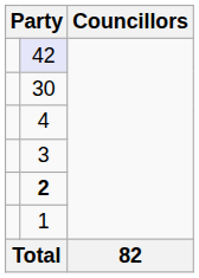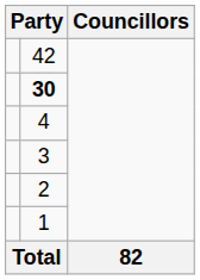 <table class="wikitable">
 <tr>
 <th colspan=2>Party</th>
 <th>Councillors</th>
 </tr>
 <tr>
 <td></td>
-<td align=center style="background: lavender;">42</td>
+<td align=center>42</td>
 </tr>
 <tr>
 <td></td>
-<td align=center>30</td>
+<td align=center><strong>30</strong></td>
 </tr>
 <tr>
 <td></td>
 <td align=center>4</td>
 </tr>
 <tr>
 <td></td>
 <td align=center>3</td>
 </tr>
 <tr>
 <td></td>
-<td align=center><strong>2</strong></td>
+<td align=center>2</td>
 </tr>
 <tr>
 <td></td>
 <td align=center>1</td>
 </tr>
 <tr>
 <th colspan=2>Total</th>
 <th align=center>82</th>
 </tr>
 </table>
